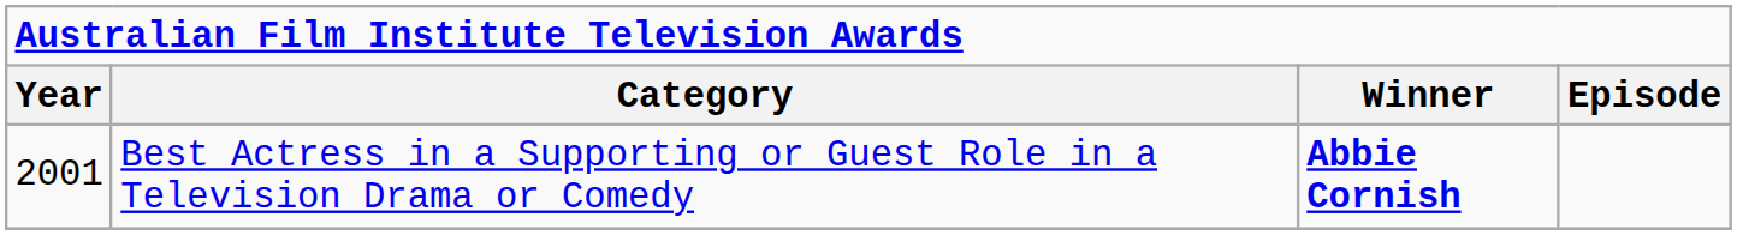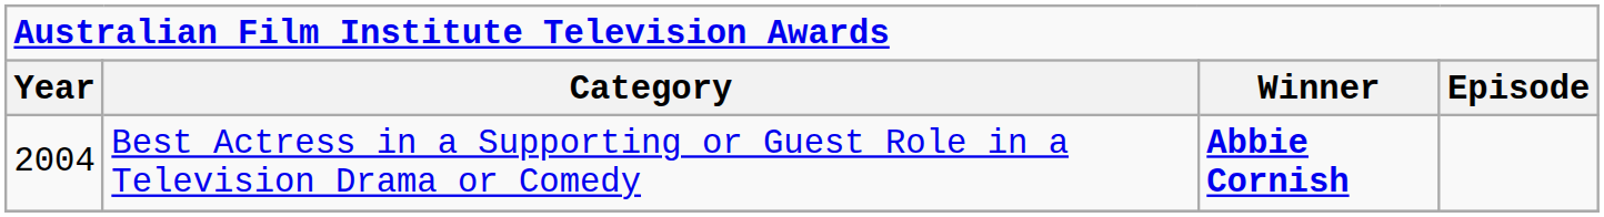 <table class="wikitable">
 <tr>
 <td colspan=4><strong><a href='#'>Australian Film Institute Television Awards</a></strong></td>
 </tr>
 <tr>
 <th>Year</th>
 <th>Category</th>
 <th>Winner</th>
 <th>Episode</th>
 </tr>
 <tr>
-<td rowspan=1>2001</td>
+<td rowspan=1>2004</td>
 <td><a href='#'>Best Actress in a Supporting or Guest Role in a Television Drama or Comedy</a></td>
 <td><strong><a href='#'>Abbie Cornish</a></strong></td>
 <td></td>
 </tr>
 <tr>
 </tr>
 </table>
